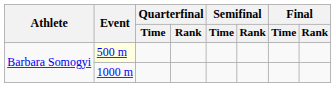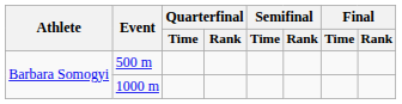 <table class="wikitable" style="font-size:90%">
 <tr>
 <th rowspan=2>Athlete</th>
 <th rowspan=2>Event</th>
 <th colspan=2>Quarterfinal</th>
 <th colspan=2>Semifinal</th>
 <th colspan=2>Final</th>
 </tr>
 <tr style="font-size:95%">
 <th>Time</th>
 <th>Rank</th>
 <th>Time</th>
 <th>Rank</th>
 <th>Time</th>
 <th>Rank</th>
 </tr>
 <tr align=center>
 <td align=left rowspan=2><a href='#'>Barbara Somogyi</a></td>
-<td align=left style="background: lightyellow;"><a href='#'>500 m</a></td>
+<td align=left><a href='#'>500 m</a></td>
 <td></td>
 <td></td>
 <td></td>
 <td></td>
 <td></td>
 <td></td>
 </tr>
 <tr align=center>
 <td align=left><a href='#'>1000 m</a></td>
 <td></td>
 <td></td>
 <td></td>
 <td></td>
 <td></td>
 <td></td>
 </tr>
 </table>
